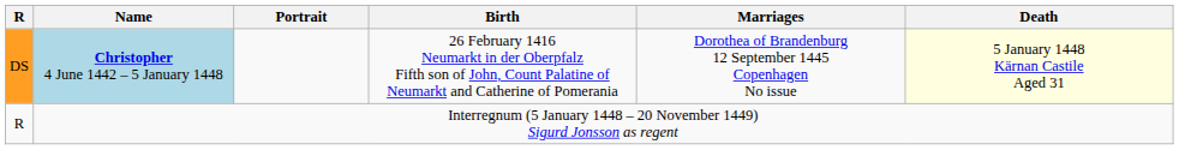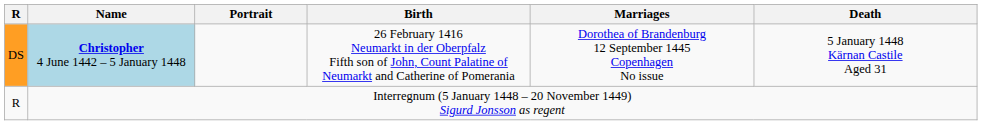 <table style="text-align:center" class="wikitable">
 <tr>
 <th width=1%>R</th>
 <th width=15%>Name</th>
 <th width=10%>Portrait</th>
 <th width=20%>Birth</th>
 <th width=20%>Marriages</th>
 <th width=20%>Death</th>
 </tr>
 <tr>
 <td style="background-color:#FF9E23; text-align:center">DS</td>
 <td style="background: lightblue;"><strong><a href='#'>Christopher</a></strong><br>4 June 1442 – 5 January 1448<br></td>
 <td></td>
 <td>26 February 1416<br><a href='#'>Neumarkt in der Oberpfalz</a><br>Fifth son of <a href='#'>John, Count Palatine of Neumarkt</a> and Catherine of Pomerania</td>
 <td><a href='#'>Dorothea of Brandenburg</a><br>12 September 1445<br><a href='#'>Copenhagen</a><br>No issue</td>
-<td style="background: lightyellow;">5 January 1448<br><a href='#'>Kärnan Castile</a><br>Aged 31</td>
+<td>5 January 1448<br><a href='#'>Kärnan Castile</a><br>Aged 31</td>
 </tr>
 <tr>
 <td>R</td>
 <td align="center" colspan=5>Interregnum (5 January 1448 – 20 November 1449)<br><em><a href='#'>Sigurd Jonsson</a> as regent</em></td>
 </tr>
 </table>
